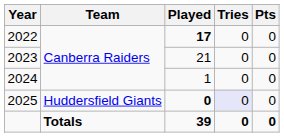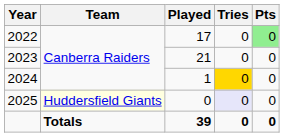 <table class="wikitable">
 <tr>
 <th>Year</th>
 <th>Team</th>
 <th>Played</th>
 <th>Tries</th>
 <th>Pts</th>
 </tr>
 <tr>
 <td>2022</td>
 <td rowspan="3"> <a href='#'>Canberra Raiders</a></td>
-<td align=right><strong>17</strong></td>
+<td align=right>17</td>
 <td align=right>0</td>
-<td align=right>0</td>
+<td align=right style="background: lightgreen;">0</td>
 </tr>
 <tr>
 <td>2023</td>
 <td align=right>21</td>
 <td align=right>0</td>
 <td align=right>0</td>
 </tr>
 <tr>
 <td>2024</td>
 <td align=right>1</td>
-<td align=right>0</td>
+<td align=right style="background: gold;">0</td>
 <td align=right>0</td>
 </tr>
 <tr>
 <td>2025</td>
-<td> <a href='#'>Huddersfield Giants</a></td>
-<td align=right><strong>0</strong></td>
+<td style="background: lightyellow;"> <a href='#'>Huddersfield Giants</a></td>
+<td align=right>0</td>
 <td align=right style="background: lavender;">0</td>
 <td align=right>0</td>
 </tr>
 <tr>
 <td></td>
 <td align=left><strong>Totals</strong></td>
 <td align=right><strong>39</strong></td>
 <td align=right><strong>0</strong></td>
 <td align=right><strong>0</strong></td>
 </tr>
 </table>
